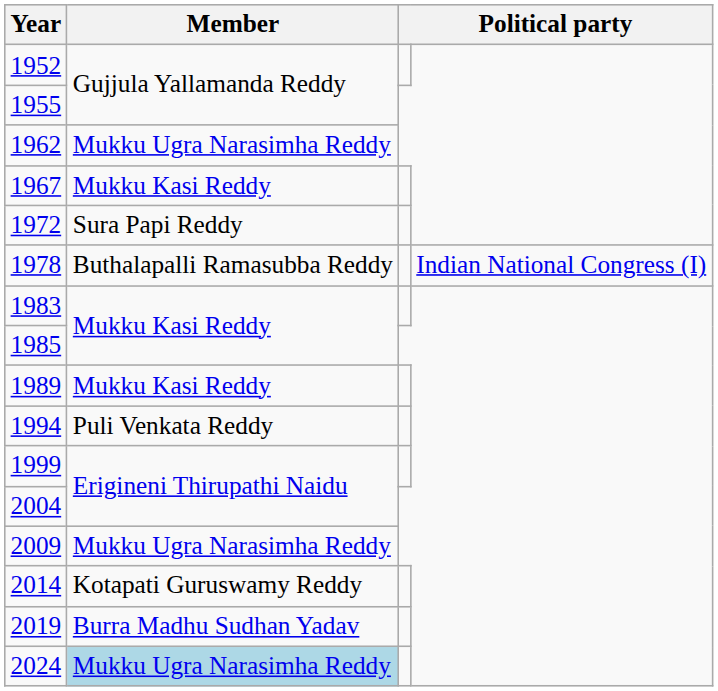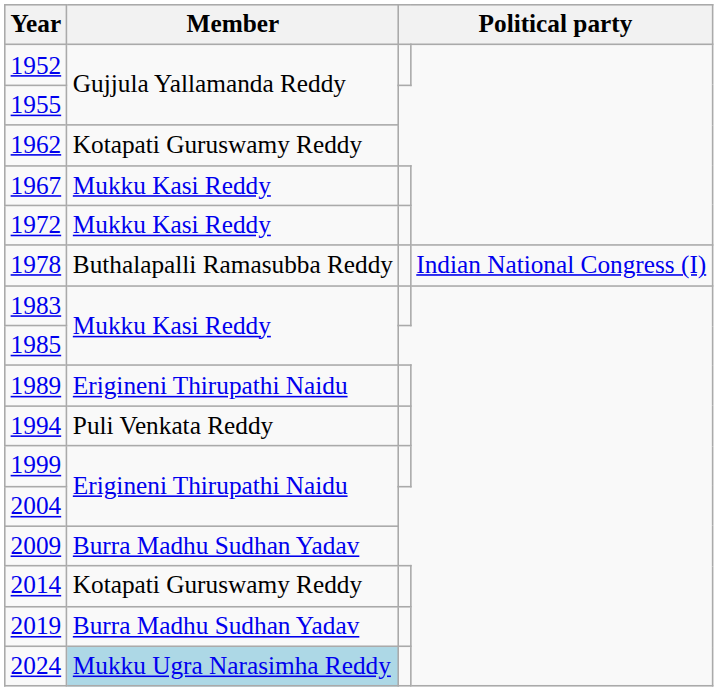 <table class="wikitable sortable">
 <tr>
 <th>Year</th>
 <th>Member</th>
 <th colspan="2">Political party</th>
 </tr>
 <tr>
 <td><a href='#'>1952</a></td>
 <td rowspan=2>Gujjula Yallamanda Reddy</td>
 <td></td>
 </tr>
 <tr>
 <td><a href='#'>1955</a></td>
 </tr>
 <tr>
 <td><a href='#'>1962</a></td>
-<td><a href='#'>Mukku Ugra Narasimha Reddy</a></td>
+<td>Kotapati Guruswamy Reddy</td>
 </tr>
 <tr>
 <td><a href='#'>1967</a></td>
 <td><a href='#'>Mukku Kasi Reddy</a></td>
 <td></td>
 </tr>
 <tr>
 <td><a href='#'>1972</a></td>
-<td>Sura Papi Reddy</td>
+<td><a href='#'>Mukku Kasi Reddy</a></td>
 <td></td>
 </tr>
 <tr>
 <td><a href='#'>1978</a></td>
 <td>Buthalapalli Ramasubba Reddy</td>
 <td style="background-color: "></td>
 <td><a href='#'>Indian National Congress (I)</a></td>
 </tr>
 <tr>
 <td><a href='#'>1983</a></td>
 <td rowspan=2><a href='#'>Mukku Kasi Reddy</a></td>
 <td></td>
 </tr>
 <tr>
 <td><a href='#'>1985</a></td>
 </tr>
 <tr>
 <td><a href='#'>1989</a></td>
-<td><a href='#'>Mukku Kasi Reddy</a></td>
+<td><a href='#'>Erigineni Thirupathi Naidu</a></td>
 <td></td>
 </tr>
 <tr>
 <td><a href='#'>1994</a></td>
 <td>Puli Venkata Reddy</td>
 <td></td>
 </tr>
 <tr>
 <td><a href='#'>1999</a></td>
 <td rowspan=2><a href='#'>Erigineni Thirupathi Naidu</a></td>
 <td></td>
 </tr>
 <tr>
 <td><a href='#'>2004</a></td>
 </tr>
 <tr>
 <td><a href='#'>2009</a></td>
-<td><a href='#'>Mukku Ugra Narasimha Reddy</a></td>
+<td><a href='#'>Burra Madhu Sudhan Yadav</a></td>
 </tr>
 <tr>
 <td><a href='#'>2014</a></td>
 <td>Kotapati Guruswamy Reddy</td>
 <td></td>
 </tr>
 <tr>
 <td><a href='#'>2019</a></td>
 <td><a href='#'>Burra Madhu Sudhan Yadav</a></td>
 <td></td>
 </tr>
 <tr>
 <td><a href='#'>2024</a></td>
 <td style="background: lightblue;"><a href='#'>Mukku Ugra Narasimha Reddy</a></td>
 <td></td>
 </tr>
 </table>
